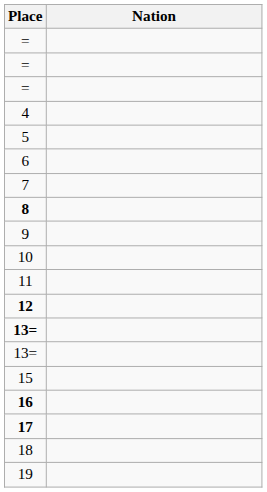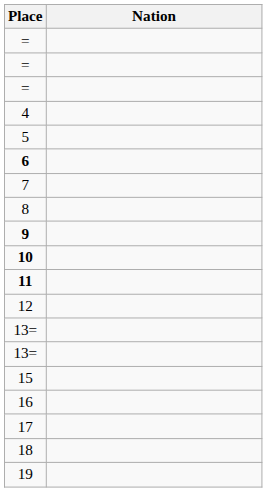 <table class=wikitable style=text-align:center>
 <tr>
 <th width=35>Place</th>
 <th width=220>Nation</th>
 </tr>
 <tr>
 <td>=</td>
 <td style=text-align:left></td>
 </tr>
 <tr>
 <td>=</td>
 <td style=text-align:left></td>
 </tr>
 <tr>
 <td>=</td>
 <td style=text-align:left></td>
 </tr>
 <tr>
 <td>4</td>
 <td style=text-align:left></td>
 </tr>
 <tr>
 <td>5</td>
 <td style=text-align:left></td>
 </tr>
 <tr>
-<td>6</td>
+<td><strong>6</strong></td>
 <td style=text-align:left></td>
 </tr>
 <tr>
 <td>7</td>
 <td style=text-align:left></td>
 </tr>
 <tr>
-<td><strong>8</strong></td>
+<td>8</td>
 <td style=text-align:left></td>
 </tr>
 <tr>
-<td>9</td>
+<td><strong>9</strong></td>
 <td style=text-align:left></td>
 </tr>
 <tr>
-<td>10</td>
+<td><strong>10</strong></td>
 <td style=text-align:left></td>
 </tr>
 <tr>
-<td>11</td>
+<td><strong>11</strong></td>
 <td style=text-align:left></td>
 </tr>
 <tr>
-<td><strong>12</strong></td>
+<td>12</td>
 <td style=text-align:left></td>
 </tr>
 <tr>
-<td><strong>13=</strong></td>
+<td>13=</td>
 <td style=text-align:left></td>
 </tr>
 <tr>
 <td>13=</td>
 <td style=text-align:left></td>
 </tr>
 <tr>
 <td>15</td>
 <td style=text-align:left></td>
 </tr>
 <tr>
-<td><strong>16</strong></td>
+<td>16</td>
 <td style=text-align:left></td>
 </tr>
 <tr>
-<td><strong>17</strong></td>
+<td>17</td>
 <td style=text-align:left></td>
 </tr>
 <tr>
 <td>18</td>
 <td style=text-align:left></td>
 </tr>
 <tr>
 <td>19</td>
 <td style=text-align:left></td>
 </tr>
 </table>
